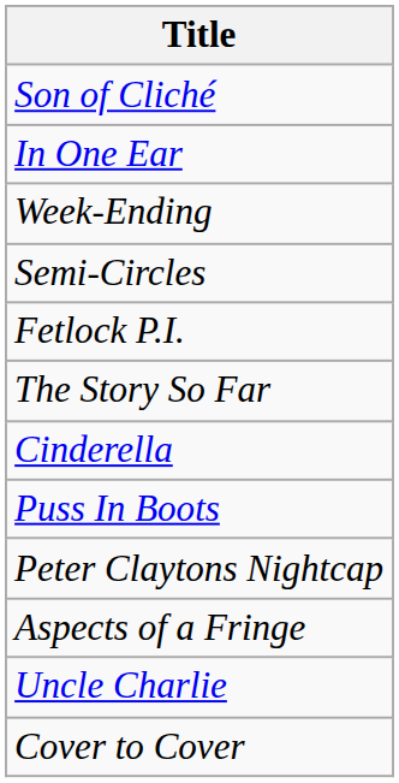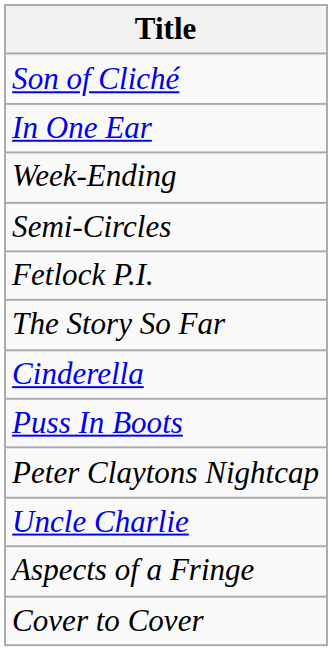 <table class="wikitable">
 <tr>
 <th>Title</th>
 </tr>
 <tr>
 <td><em><a href='#'>Son of Cliché</a></em></td>
 </tr>
 <tr>
 <td><em><a href='#'>In One Ear</a></em></td>
 </tr>
 <tr>
 <td><em>Week-Ending</em></td>
 </tr>
 <tr>
 <td><em>Semi-Circles</em></td>
 </tr>
 <tr>
 <td><em>Fetlock P.I.</em></td>
 </tr>
 <tr>
 <td><em>The Story So Far</em></td>
 </tr>
 <tr>
 <td><em><a href='#'>Cinderella</a></em></td>
 </tr>
 <tr>
 <td><em><a href='#'>Puss In Boots</a></em></td>
 </tr>
 <tr>
 <td><em>Peter Claytons Nightcap</em></td>
 </tr>
 <tr>
-<td><em>Aspects of a Fringe</em></td>
+<td><em><a href='#'>Uncle Charlie</a></em></td>
 </tr>
 <tr>
-<td><em><a href='#'>Uncle Charlie</a></em></td>
+<td><em>Aspects of a Fringe</em></td>
 </tr>
 <tr>
 <td><em>Cover to Cover</em></td>
 </tr>
 </table>
